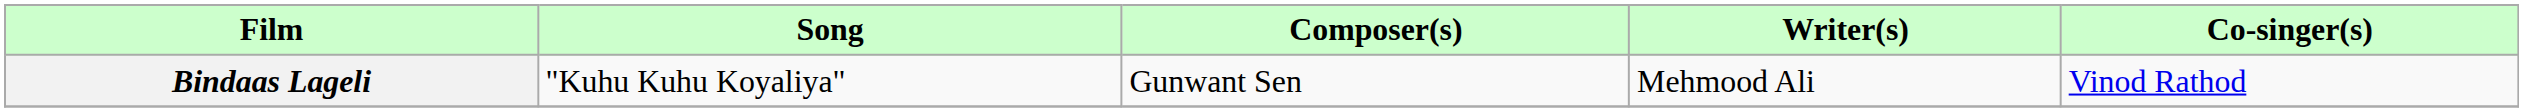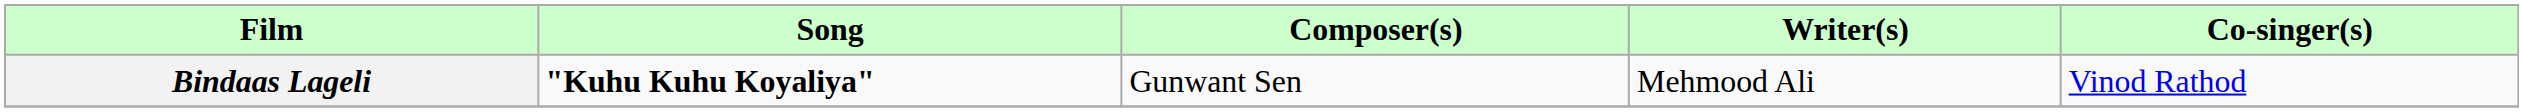 <table class="wikitable plainrowheaders" width="100%" textcolor:#000;">
 <tr style="background:#cfc; text-align:center;">
 <td scope="col" width=21%><strong>Film</strong></td>
 <td scope="col" width=23%><strong>Song</strong></td>
 <td scope="col" width=20%><strong>Composer(s)</strong></td>
 <td scope="col" width=17%><strong>Writer(s)</strong></td>
 <td scope="col" width=18%><strong>Co-singer(s)</strong></td>
 </tr>
 <tr>
 <th scope="row"><em>Bindaas Lageli</em></th>
-<td>"Kuhu Kuhu Koyaliya"</td>
+<td><strong>"Kuhu Kuhu Koyaliya"</strong></td>
 <td>Gunwant Sen</td>
 <td>Mehmood Ali</td>
 <td><a href='#'>Vinod Rathod</a></td>
 </tr>
 <tr>
 </tr>
 </table>
